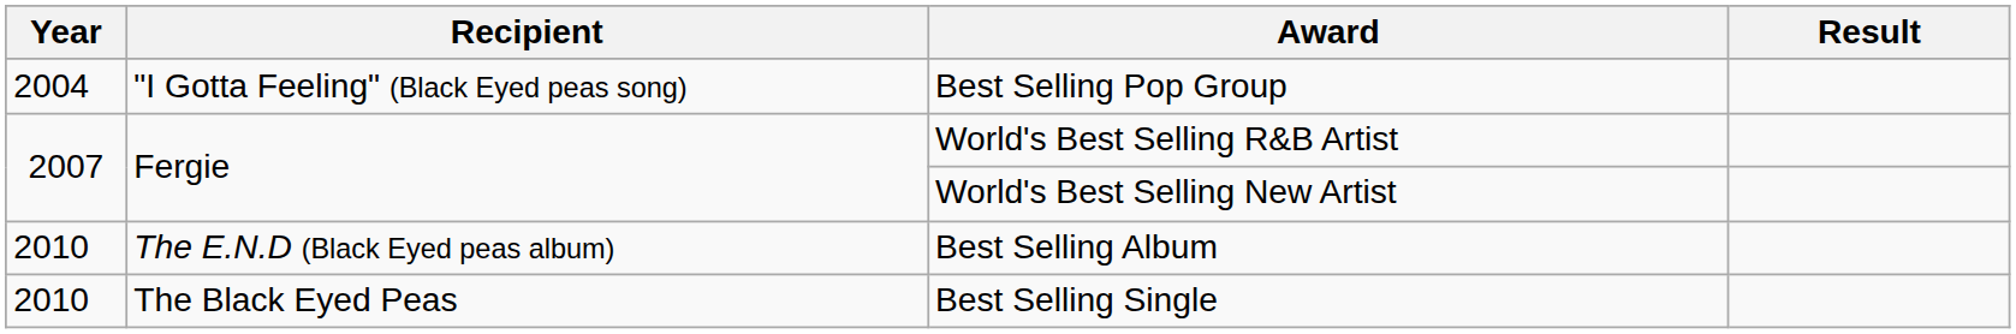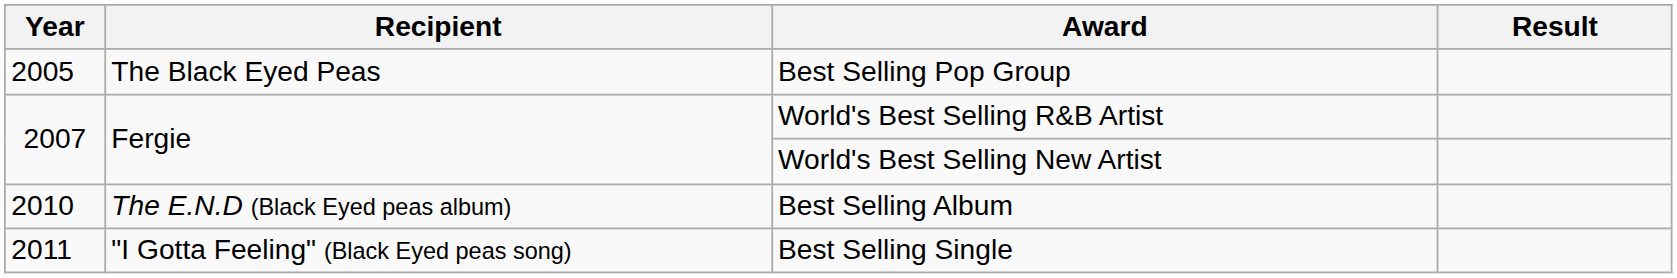 <table style="width: 75%;" class="wikitable">
 <tr>
 <th style="width:6%;">Year</th>
 <th style="width:40%;">Recipient</th>
 <th style="width:40%;">Award</th>
 <th style="width:14%;">Result</th>
 </tr>
 <tr>
-<td>2004</td>
-<td>"I Gotta Feeling" <small>(Black Eyed peas song)</small></td>
+<td>2005</td>
+<td>The Black Eyed Peas</td>
 <td>Best Selling Pop Group</td>
 <td></td>
 </tr>
 <tr>
 <td rowspan="2" style="text-align:center;">2007</td>
 <td rowspan="2" style="text-align:left;">Fergie</td>
 <td>World's Best Selling R&B Artist</td>
 <td></td>
 </tr>
 <tr>
 <td>World's Best Selling New Artist</td>
 <td></td>
 </tr>
 <tr>
 <td>2010</td>
 <td><em>The E.N.D</em> <small>(Black Eyed peas album)</small></td>
 <td>Best Selling Album</td>
 <td></td>
 </tr>
 <tr>
-<td>2010</td>
-<td>The Black Eyed Peas</td>
+<td>2011</td>
+<td>"I Gotta Feeling" <small>(Black Eyed peas song)</small></td>
 <td>Best Selling Single</td>
 <td></td>
 </tr>
 </table>
